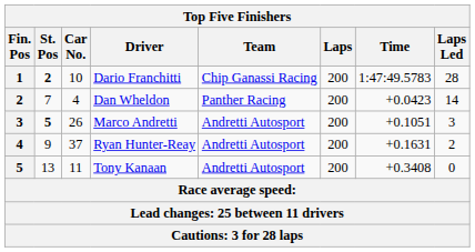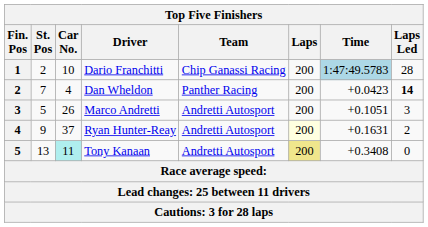 <table class="wikitable" style="font-size:95%;">
 <tr>
 <th colspan=9>Top Five Finishers</th>
 </tr>
 <tr>
 <th>Fin.<br>Pos</th>
 <th>St.<br>Pos</th>
 <th>Car<br>No.</th>
 <th>Driver</th>
 <th>Team</th>
 <th>Laps</th>
 <th>Time</th>
 <th>Laps<br>Led</th>
 </tr>
 <tr>
 <th>1</th>
-<td align=center><strong>2</strong></td>
+<td align=center>2</td>
 <td align=center>10</td>
 <td> <a href='#'>Dario Franchitti</a></td>
 <td><a href='#'>Chip Ganassi Racing</a></td>
 <td align=center>200</td>
-<td align=right>1:47:49.5783</td>
+<td align=right style="background: lightblue;">1:47:49.5783</td>
 <td align=center>28</td>
 </tr>
 <tr>
 <th>2</th>
 <td align=center>7</td>
 <td align=center>4</td>
 <td> <a href='#'>Dan Wheldon</a></td>
 <td><a href='#'>Panther Racing</a></td>
 <td align=center>200</td>
 <td align=right>+0.0423</td>
-<td align=center>14</td>
+<td align=center><strong>14</strong></td>
 </tr>
 <tr>
 <th>3</th>
-<td align=center><strong>5</strong></td>
+<td align=center>5</td>
 <td align=center>26</td>
 <td> <a href='#'>Marco Andretti</a></td>
 <td><a href='#'>Andretti Autosport</a></td>
 <td align=center>200</td>
 <td align=right>+0.1051</td>
 <td align=center>3</td>
 </tr>
 <tr>
 <th>4</th>
 <td align=center>9</td>
 <td align=center>37</td>
 <td> <a href='#'>Ryan Hunter-Reay</a></td>
 <td><a href='#'>Andretti Autosport</a></td>
-<td align=center>200</td>
+<td align=center style="background: lightyellow;">200</td>
 <td align=right>+0.1631</td>
 <td align=center>2</td>
 </tr>
 <tr>
 <th>5</th>
 <td align=center>13</td>
-<td align=center>11</td>
+<td align=center style="background: paleturquoise;">11</td>
 <td> <a href='#'>Tony Kanaan</a></td>
 <td><a href='#'>Andretti Autosport</a></td>
-<td align=center>200</td>
+<td align=center style="background: khaki;">200</td>
 <td align=right>+0.3408</td>
 <td align=center>0</td>
 </tr>
 <tr>
 <th colspan=9>Race average speed: </th>
 </tr>
 <tr>
 <th colspan=9>Lead changes: 25 between 11 drivers</th>
 </tr>
 <tr>
 <th colspan=9>Cautions: 3 for 28 laps</th>
 </tr>
 </table>
